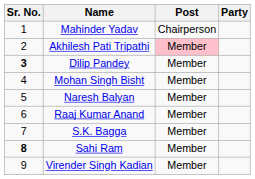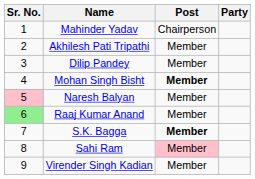 <table class="wikitable sortable">
 <tr>
 <th>Sr. No.</th>
 <th>Name</th>
 <th>Post</th>
 <th colspan="2">Party</th>
 </tr>
 <tr align="center">
 <td>1</td>
 <td><a href='#'>Mahinder Yadav</a></td>
 <td>Chairperson</td>
 <td></td>
 </tr>
 <tr align="center">
 <td>2</td>
 <td><a href='#'>Akhilesh Pati Tripathi</a></td>
-<td style="background: pink;">Member</td>
+<td>Member</td>
 <td></td>
 </tr>
 <tr align="center">
-<td><strong>3</strong></td>
+<td>3</td>
 <td><a href='#'>Dilip Pandey</a></td>
 <td>Member</td>
 <td></td>
 </tr>
 <tr align="center">
 <td>4</td>
 <td><a href='#'>Mohan Singh Bisht</a></td>
-<td>Member</td>
+<td><strong>Member</strong></td>
 <td></td>
 </tr>
 <tr align="center">
-<td>5</td>
+<td style="background: pink;">5</td>
 <td><a href='#'>Naresh Balyan</a></td>
 <td>Member</td>
 <td></td>
 </tr>
 <tr align="center">
-<td>6</td>
+<td style="background: lightgreen;">6</td>
 <td><a href='#'>Raaj Kumar Anand</a></td>
 <td>Member</td>
 <td></td>
 </tr>
 <tr align="center">
 <td>7</td>
 <td><a href='#'>S.K. Bagga</a></td>
-<td>Member</td>
+<td><strong>Member</strong></td>
 <td></td>
 </tr>
 <tr align="center">
-<td><strong>8</strong></td>
+<td>8</td>
 <td><a href='#'>Sahi Ram</a></td>
-<td>Member</td>
+<td style="background: pink;">Member</td>
 <td></td>
 </tr>
 <tr align="center">
 <td>9</td>
 <td><a href='#'>Virender Singh Kadian</a></td>
 <td>Member</td>
 <td></td>
 </tr>
 </table>
